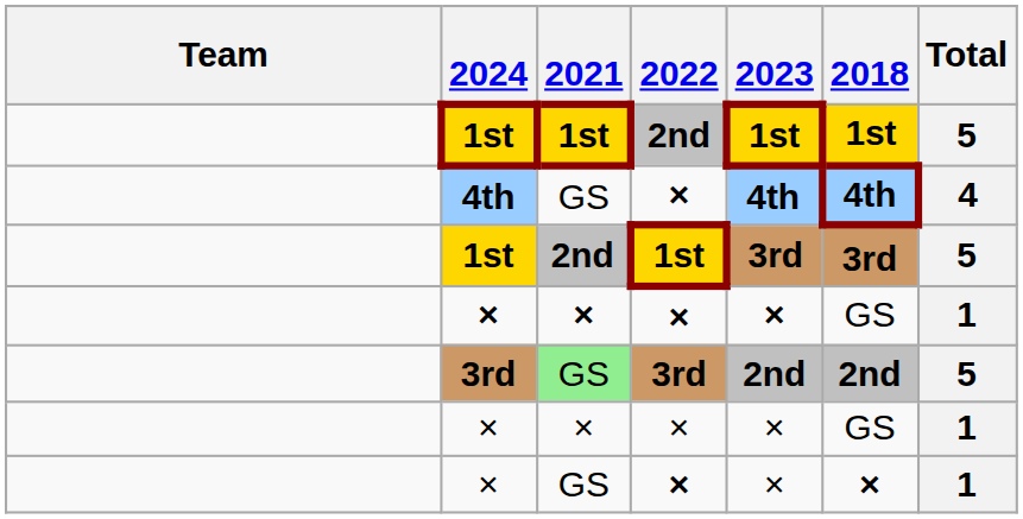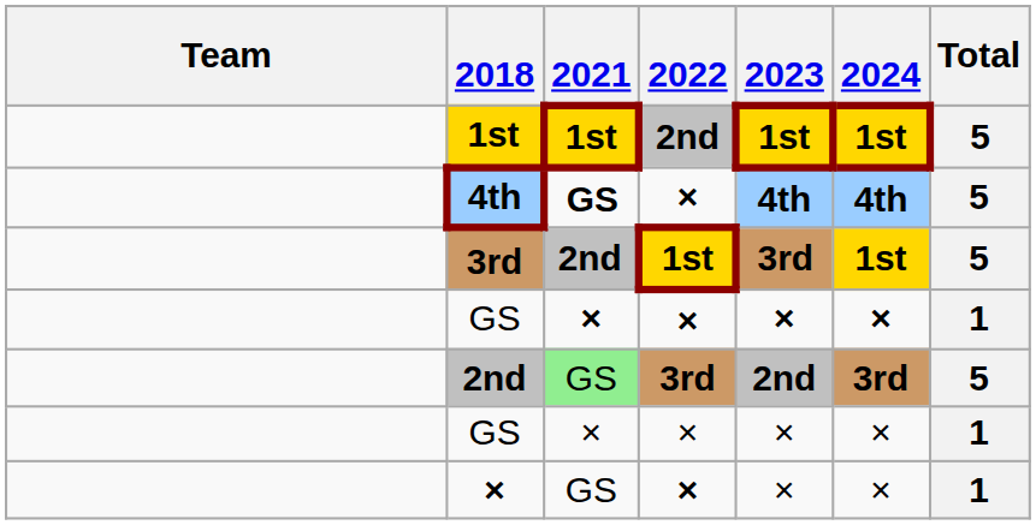 <table class="wikitable" style="text-align:center; font-size:90%">
 <tr>
 <th width=170>Team</th>
-<th><br><a href='#'>2024</a></th>
+<th><br><a href='#'>2018</a></th>
 <th><br><a href='#'>2021</a></th>
 <th><br><a href='#'>2022</a></th>
 <th><br><a href='#'>2023</a></th>
-<th><br><a href='#'>2018</a></th>
+<th><br><a href='#'>2024</a></th>
 <th>Total</th>
 </tr>
 <tr>
 <td align=left></td>
-<td style="border: 3px solid darkred" bgcolor=gold><strong>1st</strong></td>
+<td bgcolor=gold><strong>1st</strong></td>
 <td style="border: 3px solid darkred" bgcolor=gold><strong>1st</strong></td>
 <td bgcolor=silver><strong>2nd</strong></td>
 <td style="border: 3px solid darkred" bgcolor=gold><strong>1st</strong></td>
+<td style="border: 3px solid darkred" bgcolor=gold><strong>1st</strong></td>
+<th>5</th>
+</tr>
+<tr>
+<td align=left></td>
+<td style="border: 3px solid darkred" bgcolor=9acdff><strong>4th</strong></td>
+<td><strong>GS</strong></td>
+<td><strong>×</strong></td>
+<td bgcolor=9acdff><strong>4th</strong></td>
+<td bgcolor=9acdff><strong>4th</strong></td>
+<th>5</th>
+</tr>
+<tr>
+<td align=left></td>
+<td bgcolor=cc9966><strong>3rd</strong></td>
+<td bgcolor=silver><strong>2nd</strong></td>
+<td style="border: 3px solid darkred" bgcolor=gold><strong>1st</strong></td>
+<td bgcolor=cc9966><strong>3rd</strong></td>
 <td bgcolor=gold><strong>1st</strong></td>
 <th>5</th>
 </tr>
 <tr>
 <td align=left></td>
-<td bgcolor=9acdff><strong>4th</strong></td>
 <td>GS</td>
 <td><strong>×</strong></td>
-<td bgcolor=9acdff><strong>4th</strong></td>
-<td style="border: 3px solid darkred" bgcolor=9acdff><strong>4th</strong></td>
-<th>4</th>
+<td><strong>×</strong></td>
+<td><strong>×</strong></td>
+<td><strong>×</strong></td>
+<th>1</th>
 </tr>
 <tr>
 <td align=left></td>
-<td bgcolor=gold><strong>1st</strong></td>
 <td bgcolor=silver><strong>2nd</strong></td>
-<td style="border: 3px solid darkred" bgcolor=gold><strong>1st</strong></td>
+<td style="background: lightgreen;">GS</td>
 <td bgcolor=cc9966><strong>3rd</strong></td>
+<td bgcolor=silver><strong>2nd</strong></td>
 <td bgcolor=cc9966><strong>3rd</strong></td>
 <th>5</th>
 </tr>
 <tr>
 <td align=left></td>
-<td><strong>×</strong></td>
-<td><strong>×</strong></td>
-<td><strong>×</strong></td>
-<td><strong>×</strong></td>
 <td>GS</td>
+<td>×</td>
+<td>×</td>
+<td>×</td>
+<td>×</td>
 <th>1</th>
 </tr>
 <tr>
 <td align=left></td>
-<td bgcolor=cc9966><strong>3rd</strong></td>
-<td style="background: lightgreen;">GS</td>
-<td bgcolor=cc9966><strong>3rd</strong></td>
-<td bgcolor=silver><strong>2nd</strong></td>
-<td bgcolor=silver><strong>2nd</strong></td>
-<th>5</th>
-</tr>
-<tr>
-<td align=left></td>
-<td>×</td>
-<td>×</td>
-<td>×</td>
-<td>×</td>
-<td>GS</td>
-<th>1</th>
-</tr>
-<tr>
-<td align=left></td>
-<td>×</td>
+<td><strong>×</strong></td>
 <td>GS</td>
 <td><strong>×</strong></td>
 <td>×</td>
-<td><strong>×</strong></td>
+<td>×</td>
 <th>1</th>
 </tr>
 </table>
